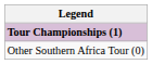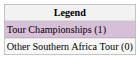 <table class="wikitable" style="font-size:95%;">
 <tr>
 <th>Legend</th>
 </tr>
 <tr style="background:thistle;">
-<td><strong>Tour Championships (1)</strong></td>
+<td>Tour Championships (1)</td>
 </tr>
 <tr>
 <td>Other Southern Africa Tour (0)</td>
 </tr>
 </table>
